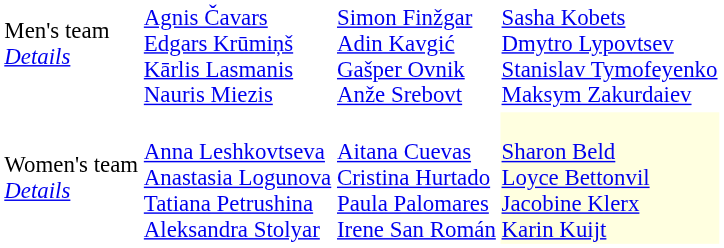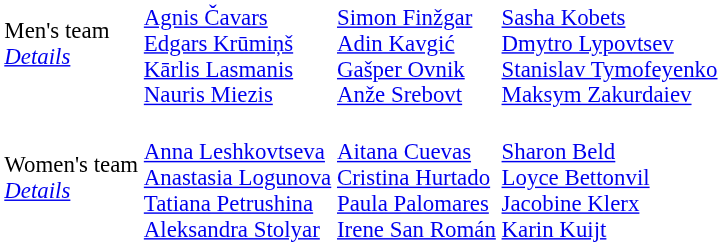 <table>
 <tr>
 <td>Men's team<br><em><a href='#'>Details</a></em></td>
 <td><br><a href='#'>Agnis Čavars</a><br><a href='#'>Edgars Krūmiņš</a><br><a href='#'>Kārlis Lasmanis</a><br><a href='#'>Nauris Miezis</a></td>
 <td><br><a href='#'>Simon Finžgar</a><br><a href='#'>Adin Kavgić</a><br><a href='#'>Gašper Ovnik</a><br><a href='#'>Anže Srebovt</a></td>
 <td><br><a href='#'>Sasha Kobets</a><br><a href='#'>Dmytro Lypovtsev</a><br><a href='#'>Stanislav Tymofeyenko</a><br><a href='#'>Maksym Zakurdaiev</a></td>
 </tr>
 <tr>
 <td>Women's team<br><em><a href='#'>Details</a></em></td>
 <td><br><a href='#'>Anna Leshkovtseva</a><br><a href='#'>Anastasia Logunova</a><br><a href='#'>Tatiana Petrushina</a><br><a href='#'>Aleksandra Stolyar</a></td>
 <td><br><a href='#'>Aitana Cuevas</a><br><a href='#'>Cristina Hurtado</a><br><a href='#'>Paula Palomares</a><br><a href='#'>Irene San Román</a></td>
-<td style="background: lightyellow;"><br><a href='#'>Sharon Beld</a><br><a href='#'>Loyce Bettonvil</a><br><a href='#'>Jacobine Klerx</a><br><a href='#'>Karin Kuijt </a></td>
+<td><br><a href='#'>Sharon Beld</a><br><a href='#'>Loyce Bettonvil</a><br><a href='#'>Jacobine Klerx</a><br><a href='#'>Karin Kuijt </a></td>
 </tr>
 </table>
